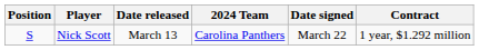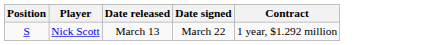 <table class="wikitable" style="text-align:center">
 <tr>
 <th>Position</th>
 <th>Player</th>
 <th>Date released</th>
-<th>2024 Team</th>
 <th>Date signed</th>
 <th>Contract</th>
 </tr>
 <tr>
 <td><a href='#'>S</a></td>
 <td><a href='#'>Nick Scott</a></td>
 <td>March 13</td>
-<td><a href='#'>Carolina Panthers</a></td>
 <td>March 22</td>
 <td>1 year, $1.292 million</td>
 </tr>
 </table>
